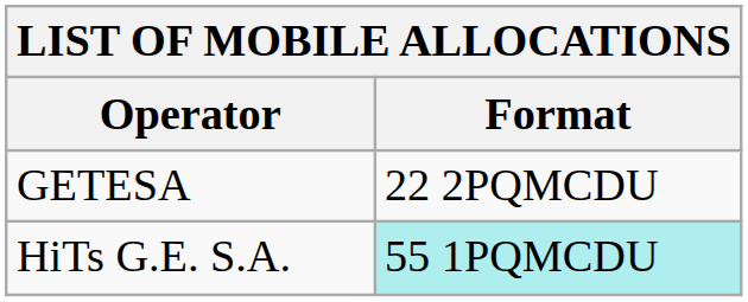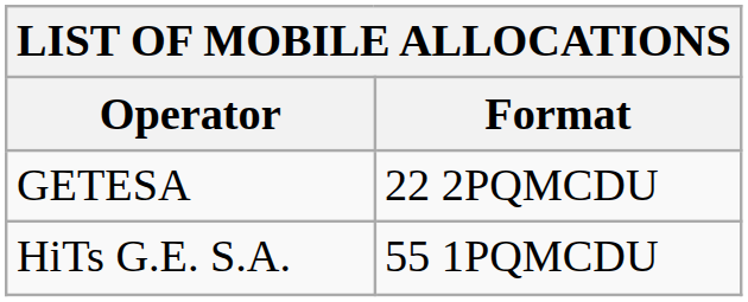 <table class="wikitable" border=1>
 <tr>
 <th colspan="3">LIST OF MOBILE ALLOCATIONS</th>
 </tr>
 <tr>
 <th>Operator</th>
 <th>Format</th>
 </tr>
 <tr>
 <td>GETESA</td>
 <td>22 2PQMCDU</td>
 </tr>
 <tr>
 <td>HiTs G.E. S.A.</td>
-<td style="background: paleturquoise;">55 1PQMCDU</td>
+<td>55 1PQMCDU</td>
 </tr>
 </table>
